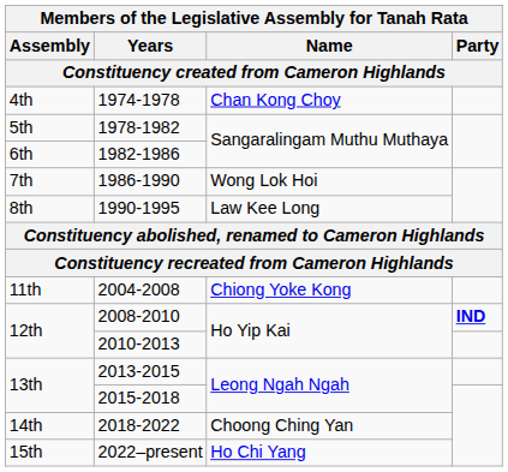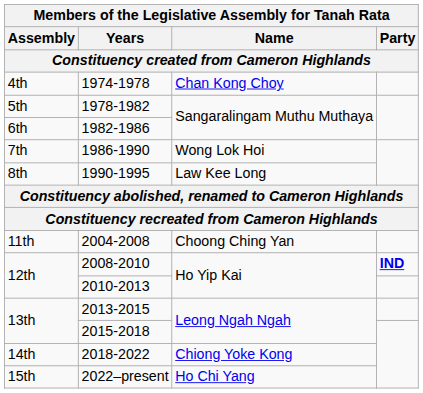 <table class="wikitable">
 <tr>
 <th colspan="4">Members of the Legislative Assembly for Tanah Rata</th>
 </tr>
 <tr>
 <th>Assembly</th>
 <th>Years</th>
 <th>Name</th>
 <th>Party</th>
 </tr>
 <tr>
 <th colspan="4"><em>Constituency created from Cameron Highlands</em></th>
 </tr>
 <tr>
 <td>4th</td>
 <td>1974-1978</td>
 <td><a href='#'>Chan Kong Choy</a></td>
 <td></td>
 </tr>
 <tr>
 <td>5th</td>
 <td>1978-1982</td>
 <td rowspan="2">Sangaralingam Muthu Muthaya</td>
 <td rowspan="2"></td>
 </tr>
 <tr>
 <td>6th</td>
 <td>1982-1986</td>
 </tr>
 <tr>
 <td>7th</td>
 <td>1986-1990</td>
 <td>Wong Lok Hoi</td>
 <td rowspan="2"></td>
 </tr>
 <tr>
 <td>8th</td>
 <td>1990-1995</td>
 <td>Law Kee Long</td>
 </tr>
 <tr>
 <th colspan="4"><em>Constituency abolished, renamed to Cameron Highlands</em></th>
 </tr>
 <tr>
 <th colspan="4"><em>Constituency recreated from Cameron Highlands</em></th>
 </tr>
 <tr>
 <td>11th</td>
 <td>2004-2008</td>
-<td><a href='#'>Chiong Yoke Kong</a></td>
+<td>Choong Ching Yan</td>
 <td></td>
 </tr>
 <tr>
 <td rowspan=2>12th</td>
 <td>2008-2010</td>
 <td rowspan=2>Ho Yip Kai</td>
 <td bgcolor=><strong><a href='#'>IND</a></strong></td>
 </tr>
 <tr>
 <td>2010-2013</td>
 <td></td>
 </tr>
 <tr>
 <td rowspan=2>13th</td>
 <td>2013-2015</td>
 <td rowspan=2><a href='#'>Leong Ngah Ngah</a></td>
 <td></td>
 </tr>
 <tr>
 <td>2015-2018</td>
 <td rowspan=3></td>
 </tr>
 <tr>
 <td>14th</td>
 <td>2018-2022</td>
-<td>Choong Ching Yan</td>
+<td><a href='#'>Chiong Yoke Kong</a></td>
 </tr>
 <tr>
 <td>15th</td>
 <td>2022–present</td>
 <td><a href='#'>Ho Chi Yang</a></td>
 </tr>
 </table>
